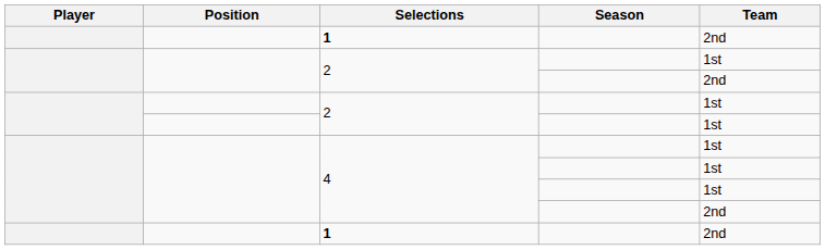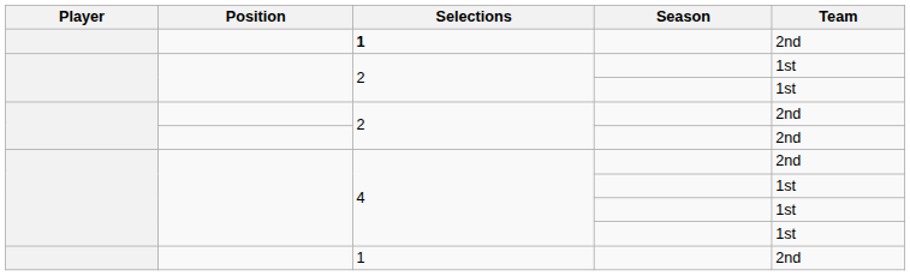 <table class="wikitable sortable" width="75%">
 <tr>
 <th scope="col">Player</th>
 <th scope="col">Position</th>
 <th scope="col">Selections</th>
 <th scope="col">Season</th>
 <th scope="col">Team</th>
 </tr>
 <tr>
 <th scope="row"></th>
 <td></td>
 <td><strong>1</strong></td>
 <td></td>
 <td>2nd</td>
 </tr>
 <tr>
 <th scope="row" rowspan="2"></th>
 <td rowspan="2"></td>
 <td rowspan="2">2</td>
 <td></td>
 <td>1st</td>
 </tr>
 <tr>
 <td></td>
-<td>2nd</td>
+<td>1st</td>
 </tr>
 <tr>
 <th scope="row" rowspan="2"></th>
 <td></td>
 <td rowspan="2">2</td>
 <td></td>
-<td>1st</td>
+<td>2nd</td>
 </tr>
 <tr>
 <td></td>
 <td></td>
-<td>1st</td>
+<td>2nd</td>
 </tr>
 <tr>
 <th scope="row" rowspan="4"></th>
 <td rowspan="4"></td>
 <td rowspan="4">4</td>
+<td></td>
+<td>2nd</td>
+</tr>
+<tr>
 <td></td>
 <td>1st</td>
 </tr>
 <tr>
 <td></td>
 <td>1st</td>
 </tr>
 <tr>
 <td></td>
 <td>1st</td>
 </tr>
 <tr>
-<td></td>
-<td>2nd</td>
-</tr>
-<tr>
 <th scope="row"></th>
 <td></td>
-<td><strong>1</strong></td>
+<td>1</td>
 <td></td>
 <td>2nd</td>
 </tr>
 </table>
